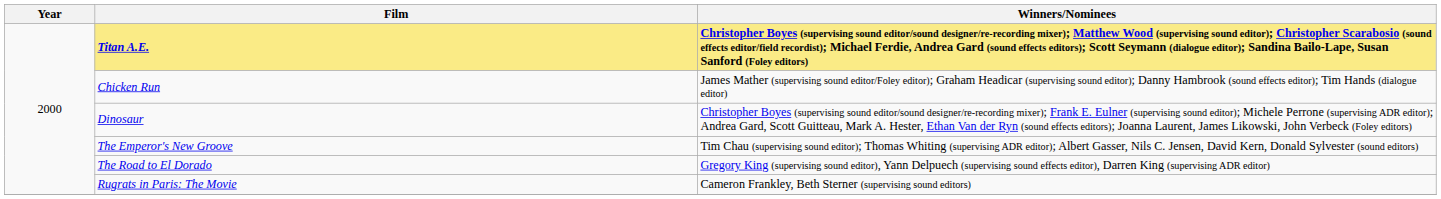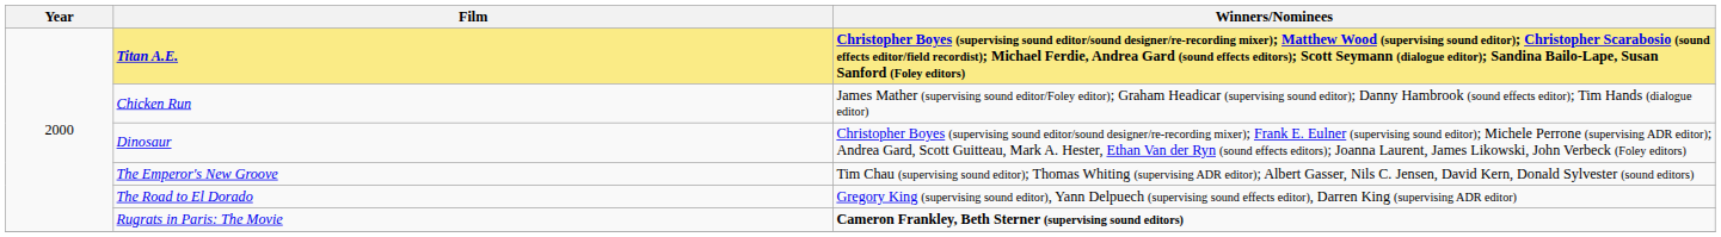 <table class="wikitable" width="95%" cellpadding="5">
 <tr>
 <th width="6%">Year</th>
 <th width="40%">Film</th>
 <th width="49%">Winners/Nominees</th>
 </tr>
 <tr>
 <td rowspan=6 style="text-align:center">2000</td>
 <td style="background:#FAEB86;"><strong><em><a href='#'>Titan A.E.</a></em></strong></td>
 <td style="background:#FAEB86;"><strong><a href='#'>Christopher Boyes</a> <small>(supervising sound editor/sound designer/re-recording mixer)</small>; <a href='#'>Matthew Wood</a> <small>(supervising sound editor)</small>; <a href='#'>Christopher Scarabosio</a> <small>(sound effects editor/field recordist)</small>; Michael Ferdie, Andrea Gard <small>(sound effects editors)</small>; Scott Seymann <small>(dialogue editor)</small>; Sandina Bailo-Lape, Susan Sanford <small>(Foley editors)</small></strong></td>
 </tr>
 <tr>
 <td><em><a href='#'>Chicken Run</a></em></td>
 <td>James Mather <small>(supervising sound editor/Foley editor)</small>; Graham Headicar <small>(supervising sound editor)</small>; Danny Hambrook <small>(sound effects editor)</small>; Tim Hands <small>(dialogue editor)</small></td>
 </tr>
 <tr>
 <td><em><a href='#'>Dinosaur</a></em></td>
 <td><a href='#'>Christopher Boyes</a> <small>(supervising sound editor/sound designer/re-recording mixer)</small>; <a href='#'>Frank E. Eulner</a> <small>(supervising sound editor)</small>; Michele Perrone <small>(supervising ADR editor)</small>; Andrea Gard, Scott Guitteau, Mark A. Hester, <a href='#'>Ethan Van der Ryn</a> <small>(sound effects editors)</small>; Joanna Laurent, James Likowski, John Verbeck <small>(Foley editors)</small></td>
 </tr>
 <tr>
 <td><em><a href='#'>The Emperor's New Groove</a></em></td>
 <td>Tim Chau <small>(supervising sound editor)</small>; Thomas Whiting <small>(supervising ADR editor)</small>; Albert Gasser, Nils C. Jensen, David Kern, Donald Sylvester <small>(sound editors)</small></td>
 </tr>
 <tr>
 <td><em><a href='#'>The Road to El Dorado</a></em></td>
 <td><a href='#'>Gregory King</a> <small>(supervising sound editor)</small>, Yann Delpuech <small>(supervising sound effects editor)</small>, Darren King <small>(supervising ADR editor)</small></td>
 </tr>
 <tr>
 <td><em><a href='#'>Rugrats in Paris: The Movie</a></em></td>
-<td>Cameron Frankley, Beth Sterner <small>(supervising sound editors)</small></td>
+<td><strong>Cameron Frankley, Beth Sterner <small>(supervising sound editors)</small></strong></td>
 </tr>
 <tr>
 </tr>
 </table>
